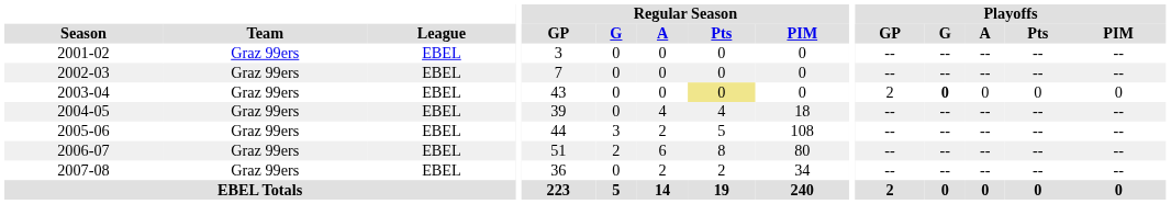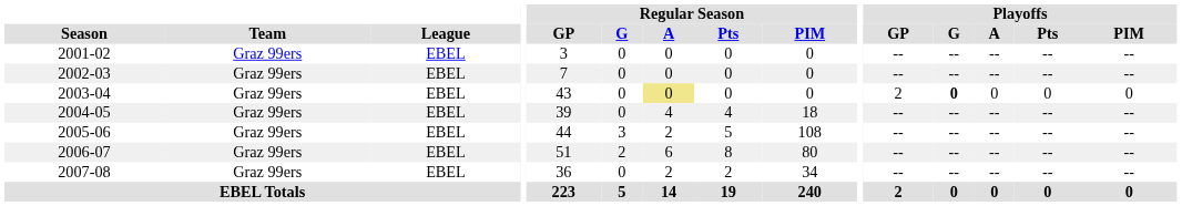 <table border="0" cellpadding="1" cellspacing="0" style="text-align:center; width:75%">
 <tr bgcolor="#e0e0e0">
 <th colspan="3"  bgcolor="#ffffff"></th>
 <th rowspan="99" bgcolor="#ffffff"></th>
 <th colspan="5">Regular Season</th>
 <th rowspan="99" bgcolor="#ffffff"></th>
 <th colspan="5">Playoffs</th>
 </tr>
 <tr bgcolor="#e0e0e0">
 <th>Season</th>
 <th>Team</th>
 <th>League</th>
 <th>GP</th>
 <th><a href='#'>G</a></th>
 <th><a href='#'>A</a></th>
 <th><a href='#'>Pts</a></th>
 <th><a href='#'>PIM</a></th>
 <th>GP</th>
 <th>G</th>
 <th>A</th>
 <th>Pts</th>
 <th>PIM</th>
 </tr>
 <tr ALIGN="center">
 <td>2001-02</td>
 <td><a href='#'>Graz 99ers</a></td>
 <td><a href='#'>EBEL</a></td>
 <td>3</td>
 <td>0</td>
 <td>0</td>
 <td>0</td>
 <td>0</td>
 <td>--</td>
 <td>--</td>
 <td>--</td>
 <td>--</td>
 <td>--</td>
 </tr>
 <tr ALIGN="center" bgcolor="#f0f0f0">
 <td>2002-03</td>
 <td>Graz 99ers</td>
 <td>EBEL</td>
 <td>7</td>
 <td>0</td>
 <td>0</td>
 <td>0</td>
 <td>0</td>
 <td>--</td>
 <td>--</td>
 <td>--</td>
 <td>--</td>
 <td>--</td>
 </tr>
 <tr ALIGN="center">
 <td>2003-04</td>
 <td>Graz 99ers</td>
 <td>EBEL</td>
 <td>43</td>
 <td>0</td>
+<td style="background: khaki;">0</td>
 <td>0</td>
-<td style="background: khaki;">0</td>
 <td>0</td>
 <td>2</td>
 <td><strong>0</strong></td>
 <td>0</td>
 <td>0</td>
 <td>0</td>
 </tr>
 <tr ALIGN="center" bgcolor="#f0f0f0">
 <td>2004-05</td>
 <td>Graz 99ers</td>
 <td>EBEL</td>
 <td>39</td>
 <td>0</td>
 <td>4</td>
 <td>4</td>
 <td>18</td>
 <td>--</td>
 <td>--</td>
 <td>--</td>
 <td>--</td>
 <td>--</td>
 </tr>
 <tr ALIGN="center">
 <td>2005-06</td>
 <td>Graz 99ers</td>
 <td>EBEL</td>
 <td>44</td>
 <td>3</td>
 <td>2</td>
 <td>5</td>
 <td>108</td>
 <td>--</td>
 <td>--</td>
 <td>--</td>
 <td>--</td>
 <td>--</td>
 </tr>
 <tr ALIGN="center" bgcolor="#f0f0f0">
 <td>2006-07</td>
 <td>Graz 99ers</td>
 <td>EBEL</td>
 <td>51</td>
 <td>2</td>
 <td>6</td>
 <td>8</td>
 <td>80</td>
 <td>--</td>
 <td>--</td>
 <td>--</td>
 <td>--</td>
 <td>--</td>
 </tr>
 <tr ALIGN="center">
 <td>2007-08</td>
 <td>Graz 99ers</td>
 <td>EBEL</td>
 <td>36</td>
 <td>0</td>
 <td>2</td>
 <td>2</td>
 <td>34</td>
 <td>--</td>
 <td>--</td>
 <td>--</td>
 <td>--</td>
 <td>--</td>
 </tr>
 <tr bgcolor="#e0e0e0">
 <th colspan="3">EBEL Totals</th>
 <th>223</th>
 <th>5</th>
 <th>14</th>
 <th>19</th>
 <th>240</th>
 <th>2</th>
 <th>0</th>
 <th>0</th>
 <th>0</th>
 <th>0</th>
 </tr>
 </table>
